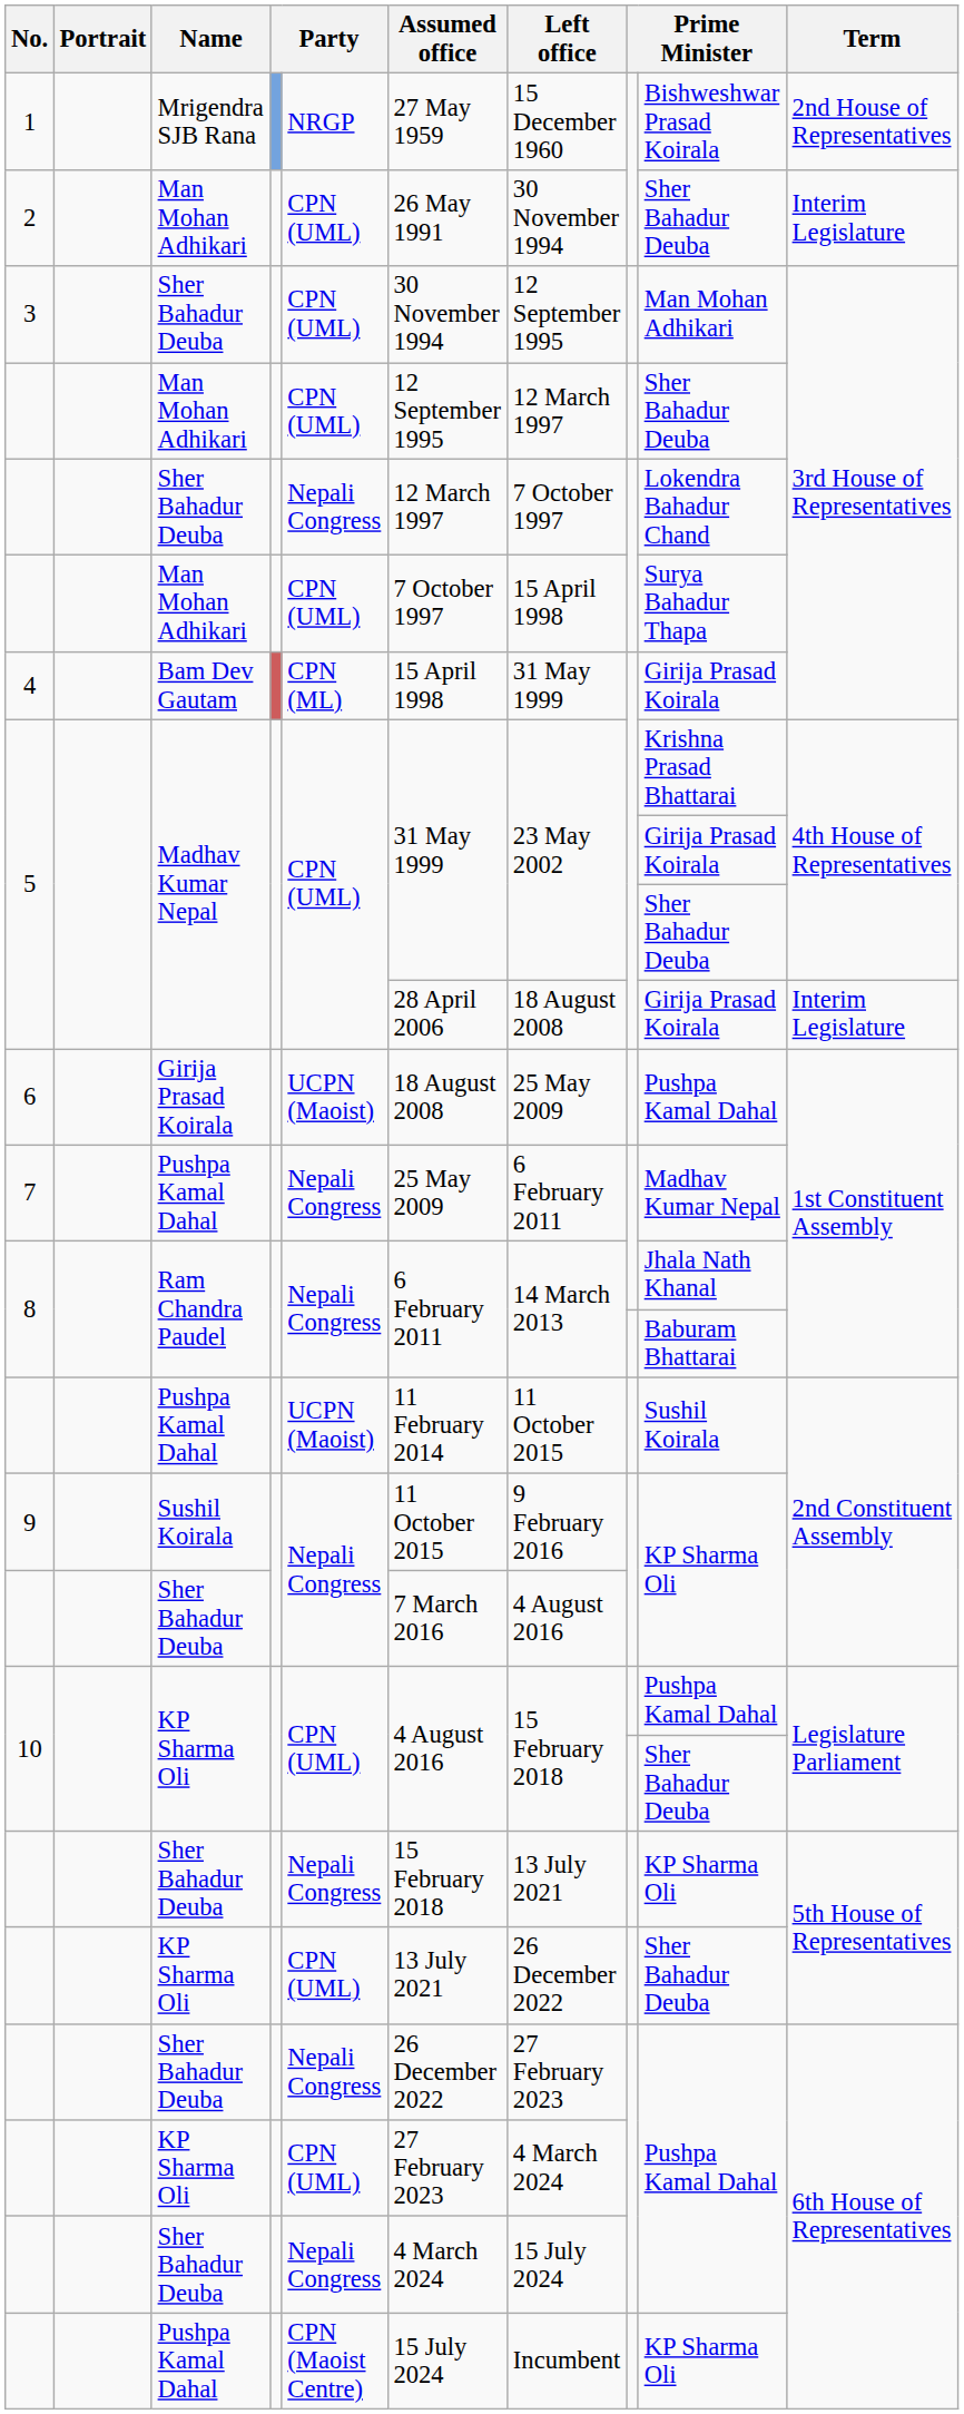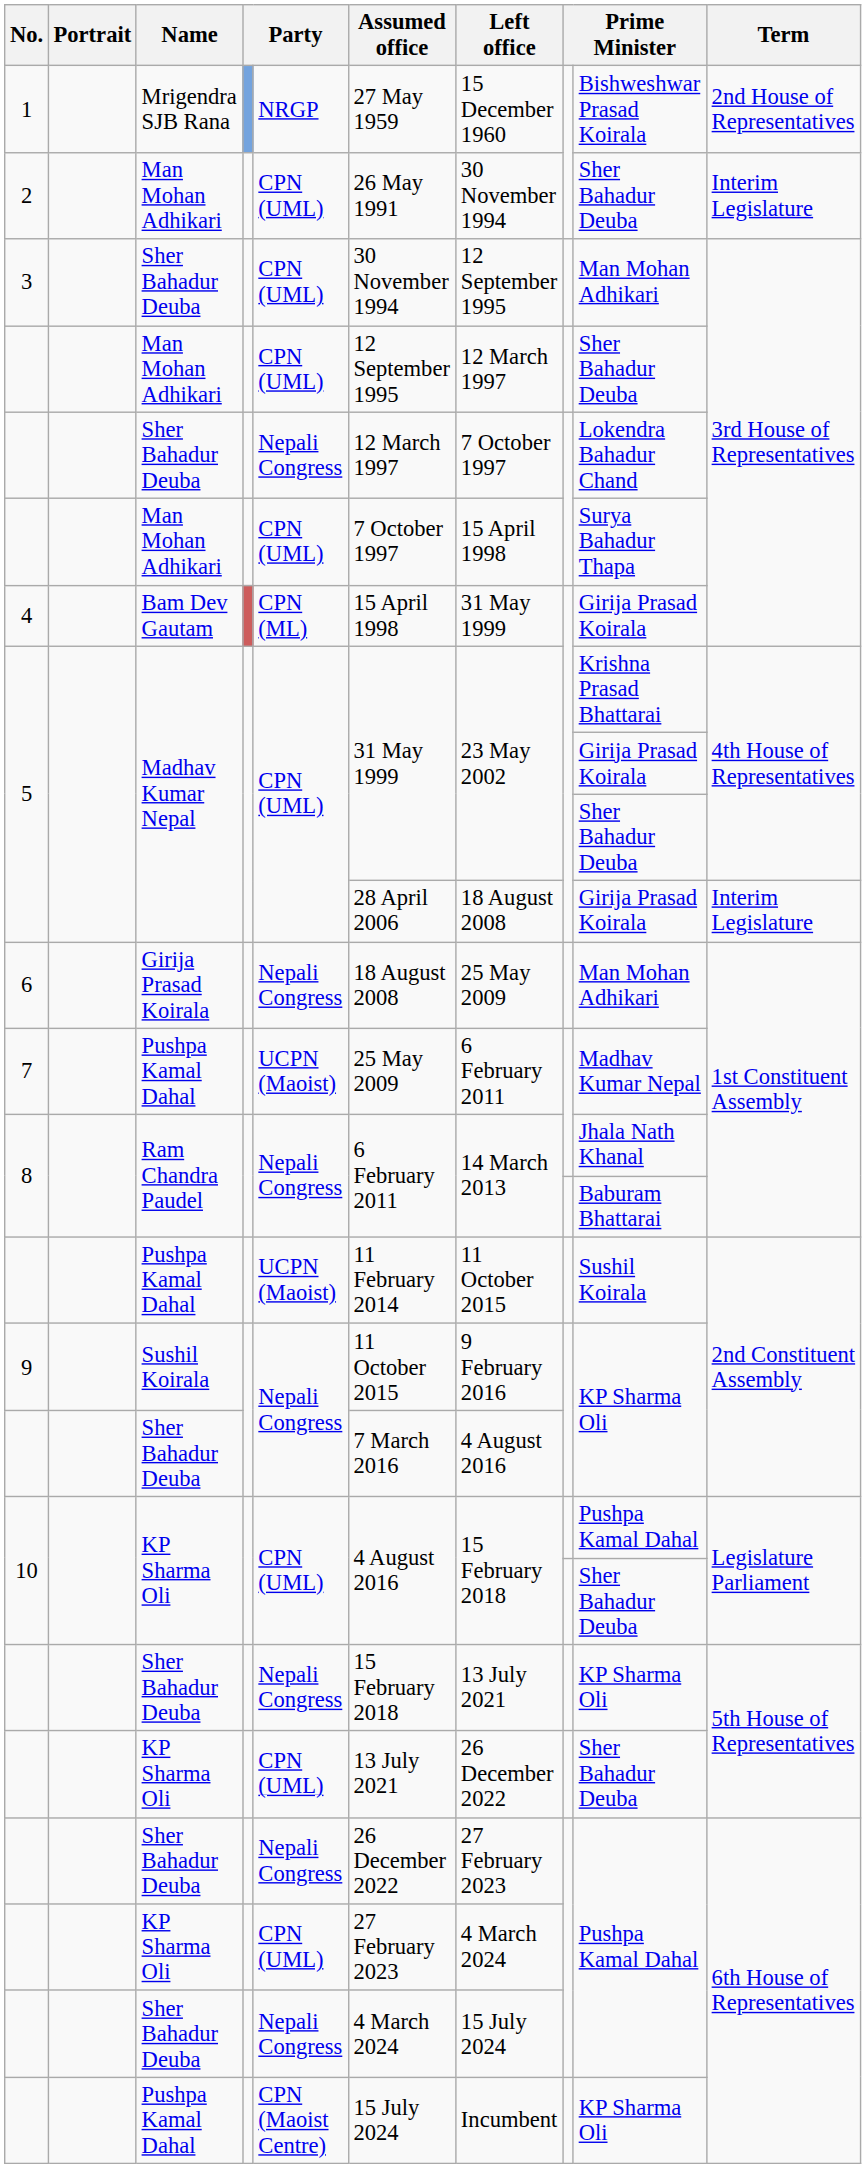 <table class="wikitable">
 <tr>
 <th>No.</th>
 <th>Portrait</th>
 <th>Name</th>
 <th colspan="2">Party</th>
 <th>Assumed office</th>
 <th>Left office</th>
 <th colspan="2">Prime Minister</th>
 <th>Term</th>
 </tr>
 <tr>
 <td style="text-align:center">1</td>
 <td></td>
 <td>Mrigendra SJB Rana</td>
 <td bgcolor="#73a3de"></td>
 <td><a href='#'>NRGP</a></td>
 <td>27 May 1959</td>
 <td>15 December 1960</td>
 <td rowspan="2"></td>
 <td><a href='#'>Bishweshwar Prasad Koirala</a></td>
 <td><a href='#'>2nd House of Representatives</a></td>
 </tr>
 <tr>
 <td style="text-align:center">2</td>
 <td></td>
 <td><a href='#'>Man Mohan Adhikari</a></td>
 <td></td>
 <td><a href='#'>CPN (UML)</a></td>
 <td>26 May 1991</td>
 <td>30 November 1994</td>
 <td><a href='#'>Sher Bahadur Deuba</a></td>
 <td><a href='#'>Interim Legislature</a></td>
 </tr>
 <tr>
 <td style="text-align:center">3</td>
 <td></td>
 <td><a href='#'>Sher Bahadur Deuba</a></td>
 <td></td>
 <td><a href='#'>CPN (UML)</a></td>
 <td>30 November 1994</td>
 <td>12 September 1995</td>
 <td></td>
 <td><a href='#'>Man Mohan Adhikari</a></td>
 <td rowspan="5"><a href='#'>3rd House of Representatives</a></td>
 </tr>
 <tr>
 <td style="text-align:center"></td>
 <td></td>
 <td><a href='#'>Man Mohan Adhikari</a></td>
 <td></td>
 <td><a href='#'>CPN (UML)</a></td>
 <td>12 September 1995</td>
 <td>12 March 1997</td>
 <td></td>
 <td><a href='#'>Sher Bahadur Deuba</a></td>
 </tr>
 <tr>
 <td style="text-align:center"></td>
 <td></td>
 <td><a href='#'>Sher Bahadur Deuba</a></td>
 <td></td>
 <td><a href='#'>Nepali Congress</a></td>
 <td>12 March 1997</td>
 <td>7 October 1997</td>
 <td rowspan="2"></td>
 <td><a href='#'>Lokendra Bahadur Chand</a></td>
 </tr>
 <tr>
 <td style="text-align:center"></td>
 <td></td>
 <td><a href='#'>Man Mohan Adhikari</a></td>
 <td></td>
 <td><a href='#'>CPN (UML)</a></td>
 <td>7 October 1997</td>
 <td>15 April 1998</td>
 <td><a href='#'>Surya Bahadur Thapa</a></td>
 </tr>
 <tr>
 <td style="text-align:center">4</td>
 <td></td>
 <td><a href='#'>Bam Dev Gautam</a></td>
 <td bgcolor="indianred"></td>
 <td><a href='#'>CPN (ML)</a></td>
 <td>15 April 1998</td>
 <td>31 May 1999</td>
 <td rowspan="5"></td>
 <td><a href='#'>Girija Prasad Koirala</a></td>
 </tr>
 <tr>
 <td rowspan="4" style="text-align:center">5</td>
 <td rowspan="4"></td>
 <td rowspan="4"><a href='#'>Madhav Kumar Nepal</a></td>
 <td rowspan="4"></td>
 <td rowspan="4"><a href='#'>CPN (UML)</a></td>
 <td rowspan="3">31 May 1999</td>
 <td rowspan="3">23 May 2002</td>
 <td><a href='#'>Krishna Prasad Bhattarai</a></td>
 <td rowspan="3"><a href='#'>4th House of Representatives</a></td>
 </tr>
 <tr>
 <td><a href='#'>Girija Prasad Koirala</a></td>
 </tr>
 <tr>
 <td><a href='#'>Sher Bahadur Deuba</a></td>
 </tr>
 <tr>
 <td>28 April 2006</td>
 <td>18 August 2008</td>
 <td><a href='#'>Girija Prasad Koirala</a></td>
 <td><a href='#'>Interim Legislature</a></td>
 </tr>
 <tr>
 <td style="text-align:center">6</td>
 <td></td>
 <td><a href='#'>Girija Prasad Koirala</a></td>
 <td></td>
-<td><a href='#'>UCPN (Maoist)</a></td>
+<td><a href='#'>Nepali Congress</a></td>
 <td>18 August 2008</td>
 <td>25 May 2009</td>
 <td></td>
-<td><a href='#'>Pushpa Kamal Dahal</a></td>
+<td><a href='#'>Man Mohan Adhikari</a></td>
 <td rowspan="4"><a href='#'>1st Constituent Assembly</a></td>
 </tr>
 <tr>
 <td style="text-align:center">7</td>
 <td></td>
 <td><a href='#'>Pushpa Kamal Dahal</a></td>
 <td></td>
-<td><a href='#'>Nepali Congress</a></td>
+<td><a href='#'>UCPN (Maoist)</a></td>
 <td>25 May 2009</td>
 <td>6 February 2011</td>
 <td rowspan="2"></td>
 <td><a href='#'>Madhav Kumar Nepal</a></td>
 </tr>
 <tr>
 <td rowspan="2" style="text-align:center">8</td>
 <td rowspan="2"></td>
 <td rowspan="2"><a href='#'>Ram Chandra Paudel</a></td>
 <td rowspan="2"></td>
 <td rowspan="2'"><a href='#'>Nepali Congress</a></td>
 <td rowspan="2">6 February 2011</td>
 <td rowspan="2">14 March 2013</td>
 <td><a href='#'>Jhala Nath Khanal</a></td>
 </tr>
 <tr>
 <td></td>
 <td><a href='#'>Baburam Bhattarai</a></td>
 </tr>
 <tr>
 <td style="text-align:center"></td>
 <td></td>
 <td><a href='#'>Pushpa Kamal Dahal</a></td>
 <td></td>
 <td><a href='#'>UCPN (Maoist)</a></td>
 <td>11 February 2014</td>
 <td>11 October 2015</td>
 <td></td>
 <td><a href='#'>Sushil Koirala</a></td>
 <td rowspan="3"><a href='#'>2nd Constituent Assembly</a></td>
 </tr>
 <tr>
 <td style="text-align:center">9</td>
 <td></td>
 <td><a href='#'>Sushil Koirala</a></td>
 <td rowspan="2"></td>
 <td rowspan="2'"><a href='#'>Nepali Congress</a></td>
 <td>11 October 2015</td>
 <td>9 February 2016</td>
 <td rowspan="2"></td>
 <td rowspan="2"><a href='#'>KP Sharma Oli</a></td>
 </tr>
 <tr>
 <td style="text-align:center"></td>
 <td></td>
 <td><a href='#'>Sher Bahadur Deuba</a></td>
 <td>7 March 2016</td>
 <td>4 August 2016</td>
 </tr>
 <tr>
 <td rowspan="2" style="text-align:center">10</td>
 <td rowspan="2"></td>
 <td rowspan="2"><a href='#'>KP Sharma Oli</a></td>
 <td rowspan="2"></td>
 <td rowspan="2"><a href='#'>CPN (UML)</a></td>
 <td rowspan="2">4 August 2016</td>
 <td rowspan="2">15 February 2018</td>
 <td></td>
 <td><a href='#'>Pushpa Kamal Dahal</a></td>
 <td rowspan="2"><a href='#'>Legislature Parliament</a></td>
 </tr>
 <tr>
 <td></td>
 <td><a href='#'>Sher Bahadur Deuba</a></td>
 </tr>
 <tr>
 <td style="text-align:center"></td>
 <td></td>
 <td><a href='#'>Sher Bahadur Deuba</a></td>
 <td></td>
 <td><a href='#'>Nepali Congress</a></td>
 <td>15 February 2018</td>
 <td>13 July 2021</td>
 <td></td>
 <td><a href='#'>KP Sharma Oli</a></td>
 <td rowspan="2"><a href='#'>5th House of Representatives</a></td>
 </tr>
 <tr>
 <td style="text-align:center"></td>
 <td></td>
 <td><a href='#'>KP Sharma Oli</a></td>
 <td></td>
 <td><a href='#'>CPN (UML)</a></td>
 <td>13 July 2021</td>
 <td>26 December 2022</td>
 <td></td>
 <td><a href='#'>Sher Bahadur Deuba</a></td>
 </tr>
 <tr>
 <td style="text-align:center"></td>
 <td></td>
 <td><a href='#'>Sher Bahadur Deuba</a></td>
 <td></td>
 <td><a href='#'>Nepali Congress</a></td>
 <td>26 December 2022</td>
 <td>27 February 2023</td>
 <td rowspan="3"></td>
 <td rowspan="3"><a href='#'>Pushpa Kamal Dahal</a></td>
 <td rowspan="4"><a href='#'>6th House of Representatives</a></td>
 </tr>
 <tr>
 <td style="text-align:center"></td>
 <td></td>
 <td><a href='#'>KP Sharma Oli</a></td>
 <td></td>
 <td><a href='#'>CPN (UML)</a></td>
 <td>27 February 2023</td>
 <td>4 March 2024</td>
 </tr>
 <tr>
 <td style="text-align:center"></td>
 <td></td>
 <td><a href='#'>Sher Bahadur Deuba</a></td>
 <td></td>
 <td><a href='#'>Nepali Congress</a></td>
 <td>4 March 2024</td>
 <td>15 July 2024</td>
 </tr>
 <tr>
 <td style="text-align:center"></td>
 <td></td>
 <td><a href='#'>Pushpa Kamal Dahal</a></td>
 <td></td>
 <td><a href='#'>CPN (Maoist Centre)</a></td>
 <td>15 July 2024</td>
 <td>Incumbent</td>
 <td></td>
 <td><a href='#'>KP Sharma Oli</a></td>
 </tr>
 </table>
